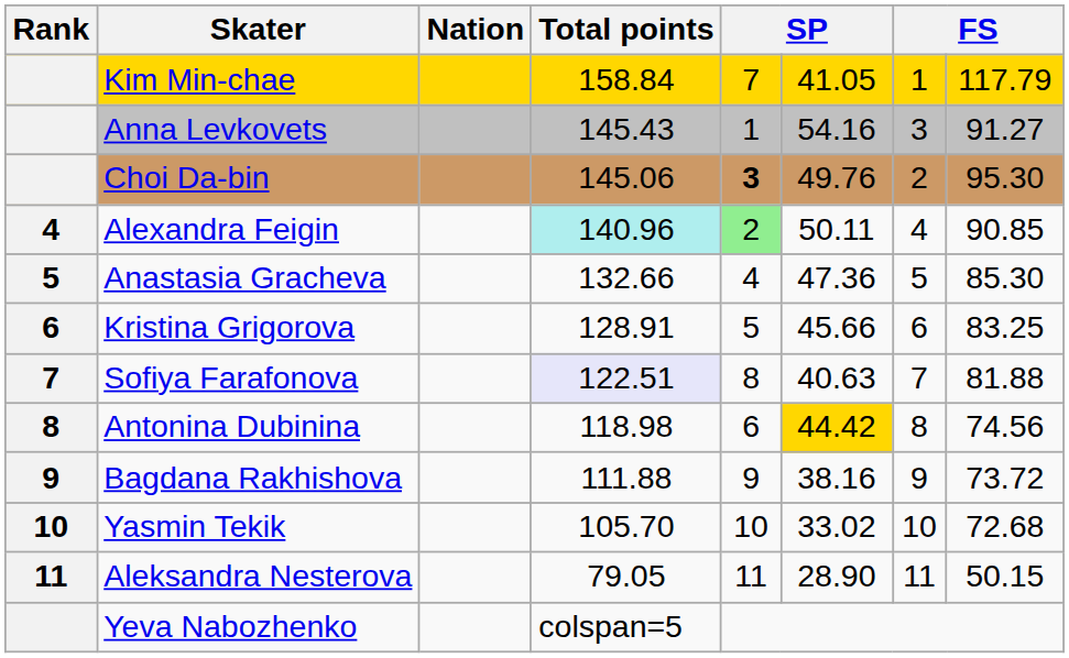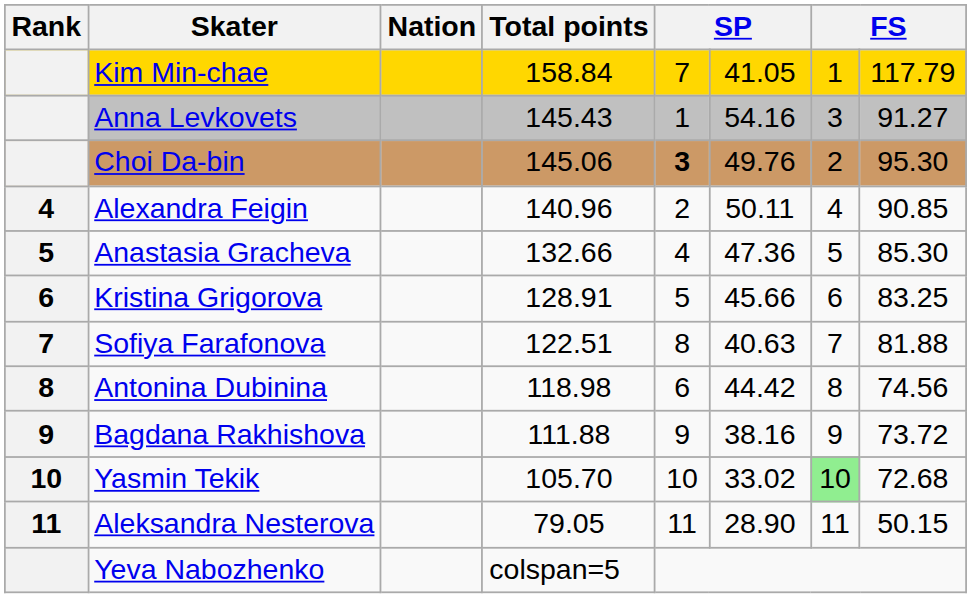 <table class="wikitable sortable" style="text-align:left">
 <tr>
 <th scope="col">Rank</th>
 <th scope="col">Skater</th>
 <th scope="col">Nation</th>
 <th scope="col">Total points</th>
 <th scope="col" colspan="2" width="80px"><a href='#'>SP</a></th>
 <th scope="col" colspan="2" width="80px"><a href='#'>FS</a></th>
 </tr>
 <tr bgcolor="gold">
 <th scope="row"></th>
 <td><a href='#'>Kim Min-chae</a></td>
 <td></td>
 <td align="center">158.84</td>
 <td align="center">7</td>
 <td align="center">41.05</td>
 <td align="center">1</td>
 <td align="center">117.79</td>
 </tr>
 <tr bgcolor="silver">
 <th scope="row"></th>
 <td><a href='#'>Anna Levkovets</a></td>
 <td></td>
 <td align="center">145.43</td>
 <td align="center">1</td>
 <td align="center">54.16</td>
 <td align="center">3</td>
 <td align="center">91.27</td>
 </tr>
 <tr bgcolor="cc9966">
 <th scope="row"></th>
 <td><a href='#'>Choi Da-bin</a></td>
 <td></td>
 <td align="center">145.06</td>
 <td align="center"><strong>3</strong></td>
 <td align="center">49.76</td>
 <td align="center">2</td>
 <td align="center">95.30</td>
 </tr>
 <tr>
 <th scope="row">4</th>
 <td><a href='#'>Alexandra Feigin</a></td>
 <td></td>
-<td align="center" style="background: paleturquoise;">140.96</td>
-<td align="center" style="background: lightgreen;">2</td>
+<td align="center">140.96</td>
+<td align="center">2</td>
 <td align="center">50.11</td>
 <td align="center">4</td>
 <td align="center">90.85</td>
 </tr>
 <tr>
 <th scope="row">5</th>
 <td><a href='#'>Anastasia Gracheva</a></td>
 <td></td>
 <td align="center">132.66</td>
 <td align="center">4</td>
 <td align="center">47.36</td>
 <td align="center">5</td>
 <td align="center">85.30</td>
 </tr>
 <tr>
 <th scope="row">6</th>
 <td><a href='#'>Kristina Grigorova</a></td>
 <td></td>
 <td align="center">128.91</td>
 <td align="center">5</td>
 <td align="center">45.66</td>
 <td align="center">6</td>
 <td align="center">83.25</td>
 </tr>
 <tr>
 <th scope="row">7</th>
 <td><a href='#'>Sofiya Farafonova</a></td>
 <td></td>
-<td align="center" style="background: lavender;">122.51</td>
+<td align="center">122.51</td>
 <td align="center">8</td>
 <td align="center">40.63</td>
 <td align="center">7</td>
 <td align="center">81.88</td>
 </tr>
 <tr>
 <th scope="row">8</th>
 <td><a href='#'>Antonina Dubinina</a></td>
 <td></td>
 <td align="center">118.98</td>
 <td align="center">6</td>
-<td align="center" style="background: gold;">44.42</td>
+<td align="center">44.42</td>
 <td align="center">8</td>
 <td align="center">74.56</td>
 </tr>
 <tr>
 <th scope="row">9</th>
 <td><a href='#'>Bagdana Rakhishova</a></td>
 <td></td>
 <td align="center">111.88</td>
 <td align="center">9</td>
 <td align="center">38.16</td>
 <td align="center">9</td>
 <td align="center">73.72</td>
 </tr>
 <tr>
 <th scope="row">10</th>
 <td><a href='#'>Yasmin Tekik</a></td>
 <td></td>
 <td align="center">105.70</td>
 <td align="center">10</td>
 <td align="center">33.02</td>
-<td align="center">10</td>
+<td align="center" style="background: lightgreen;">10</td>
 <td align="center">72.68</td>
 </tr>
 <tr>
 <th scope="row">11</th>
 <td><a href='#'>Aleksandra Nesterova</a></td>
 <td></td>
 <td align="center">79.05</td>
 <td align="center">11</td>
 <td align="center">28.90</td>
 <td align="center">11</td>
 <td align="center">50.15</td>
 </tr>
 <tr>
 <th scope="row"></th>
 <td><a href='#'>Yeva Nabozhenko</a></td>
 <td></td>
 <td>colspan=5 </td>
 </tr>
 </table>
